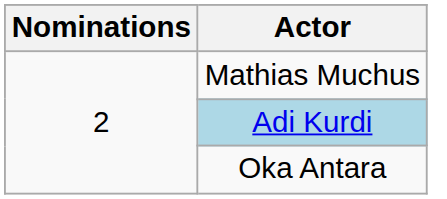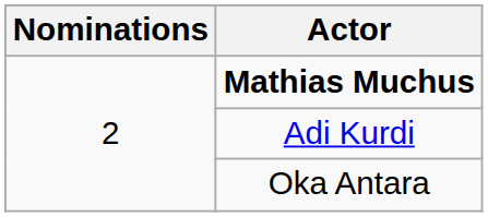 <table class="wikitable" style="text-align:center;">
 <tr>
 <th scope="col" width="55">Nominations</th>
 <th scope="col" align="center">Actor</th>
 </tr>
 <tr>
 <td rowspan="3">2</td>
-<td>Mathias Muchus</td>
+<td><strong>Mathias Muchus</strong></td>
 </tr>
 <tr>
-<td style="background: lightblue;"><a href='#'>Adi Kurdi</a></td>
+<td><a href='#'>Adi Kurdi</a></td>
 </tr>
 <tr>
 <td>Oka Antara</td>
 </tr>
 </table>
